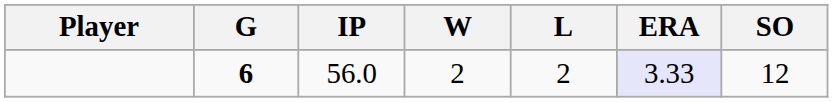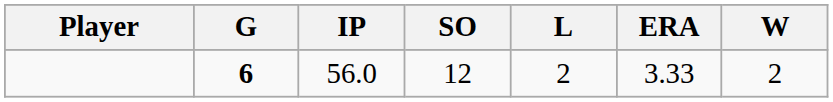 <table class="wikitable sortable">
 <tr>
 <th bgcolor="#DDDDFF" width="16%">Player</th>
 <th bgcolor="#DDDDFF" width="9%">G</th>
 <th bgcolor="#DDDDFF" width="9%">IP</th>
-<th bgcolor="#DDDDFF" width="9%">W</th>
+<th bgcolor="#DDDDFF" width="9%">SO</th>
 <th bgcolor="#DDDDFF" width="9%">L</th>
 <th bgcolor="#DDDDFF" width="9%">ERA</th>
-<th bgcolor="#DDDDFF" width="9%">SO</th>
+<th bgcolor="#DDDDFF" width="9%">W</th>
 </tr>
 <tr align="center">
 <td></td>
 <td><strong>6</strong></td>
 <td>56.0</td>
+<td>12</td>
 <td>2</td>
+<td>3.33</td>
 <td>2</td>
-<td style="background: lavender;">3.33</td>
-<td>12</td>
 </tr>
 </table>
